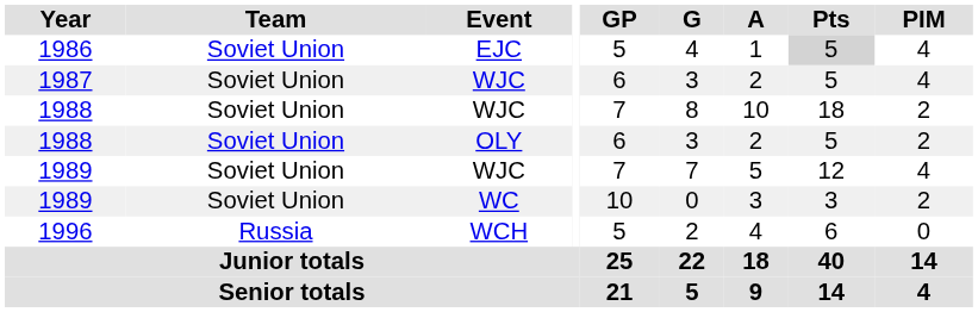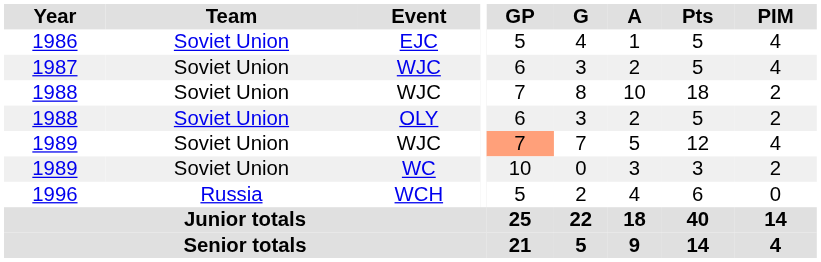 <table border="0" cellpadding="1" cellspacing="0" ID="Table3" style="text-align:center; width:40em">
 <tr bgcolor="#e0e0e0">
 <th>Year</th>
 <th>Team</th>
 <th>Event</th>
 <th rowspan="102" bgcolor="#ffffff"></th>
 <th>GP</th>
 <th>G</th>
 <th>A</th>
 <th>Pts</th>
 <th>PIM</th>
 </tr>
 <tr>
 <td><a href='#'>1986</a></td>
 <td><a href='#'>Soviet Union</a></td>
 <td><a href='#'>EJC</a></td>
 <td>5</td>
 <td>4</td>
 <td>1</td>
-<td style="background: lightgrey;">5</td>
+<td>5</td>
 <td>4</td>
 </tr>
 <tr bgcolor="#f0f0f0">
 <td><a href='#'>1987</a></td>
 <td>Soviet Union</td>
 <td><a href='#'>WJC</a></td>
 <td>6</td>
 <td>3</td>
 <td>2</td>
 <td>5</td>
 <td>4</td>
 </tr>
 <tr>
 <td><a href='#'>1988</a></td>
 <td>Soviet Union</td>
 <td>WJC</td>
 <td>7</td>
 <td>8</td>
 <td>10</td>
 <td>18</td>
 <td>2</td>
 </tr>
 <tr bgcolor="#f0f0f0">
 <td><a href='#'>1988</a></td>
 <td><a href='#'>Soviet Union</a></td>
 <td><a href='#'>OLY</a></td>
 <td>6</td>
 <td>3</td>
 <td>2</td>
 <td>5</td>
 <td>2</td>
 </tr>
 <tr>
 <td><a href='#'>1989</a></td>
 <td>Soviet Union</td>
 <td>WJC</td>
-<td>7</td>
+<td style="background: lightsalmon;">7</td>
 <td>7</td>
 <td>5</td>
 <td>12</td>
 <td>4</td>
 </tr>
 <tr bgcolor="#f0f0f0">
 <td><a href='#'>1989</a></td>
 <td>Soviet Union</td>
 <td><a href='#'>WC</a></td>
 <td>10</td>
 <td>0</td>
 <td>3</td>
 <td>3</td>
 <td>2</td>
 </tr>
 <tr>
 <td><a href='#'>1996</a></td>
 <td><a href='#'>Russia</a></td>
 <td><a href='#'>WCH</a></td>
 <td>5</td>
 <td>2</td>
 <td>4</td>
 <td>6</td>
 <td>0</td>
 </tr>
 <tr bgcolor="#e0e0e0">
 <th colspan=4>Junior totals</th>
 <th>25</th>
 <th>22</th>
 <th>18</th>
 <th>40</th>
 <th>14</th>
 </tr>
 <tr bgcolor="#e0e0e0">
 <th colspan=4>Senior totals</th>
 <th>21</th>
 <th>5</th>
 <th>9</th>
 <th>14</th>
 <th>4</th>
 </tr>
 </table>
